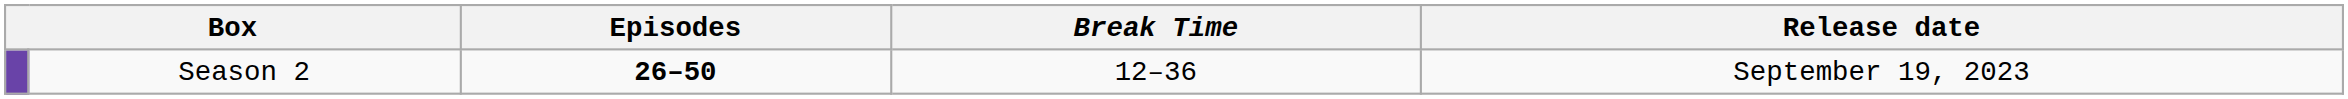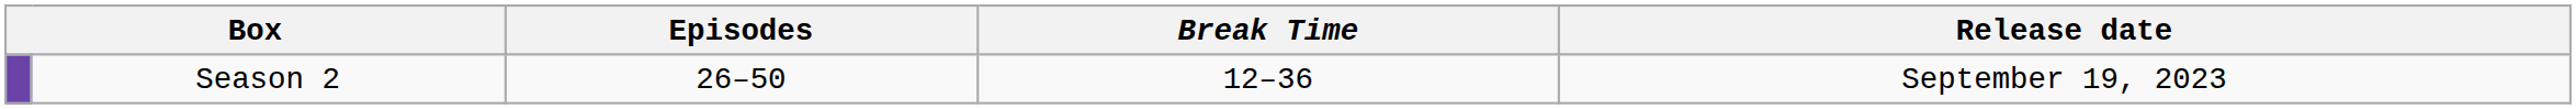 <table class="wikitable" style="text-align: center; width: 70%;">
 <tr>
 <th colspan="2">Box</th>
 <th>Episodes</th>
 <th><em>Break Time</em></th>
 <th>Release date</th>
 </tr>
 <tr>
 <td rowspan="2" width="1%" style="background: #6943A8;"></td>
 <td>Season 2</td>
-<td><strong>26–50</strong></td>
+<td>26–50</td>
 <td>12–36</td>
 <td>September 19, 2023</td>
 </tr>
 </table>
